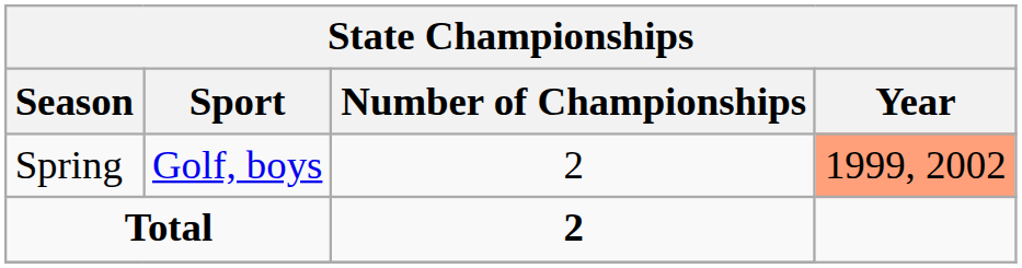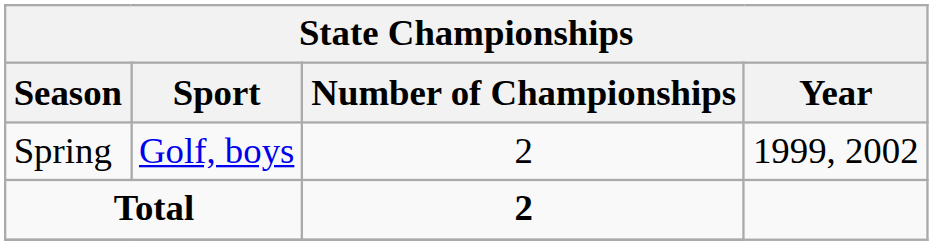 <table class="wikitable">
 <tr>
 <th colspan="4">State Championships</th>
 </tr>
 <tr>
 <th>Season</th>
 <th>Sport</th>
 <th>Number of Championships</th>
 <th>Year</th>
 </tr>
 <tr>
 <td rowspan="1">Spring</td>
 <td><a href='#'>Golf, boys</a></td>
 <td align="center">2</td>
-<td style="background: lightsalmon;">1999, 2002</td>
+<td>1999, 2002</td>
 </tr>
 <tr>
 <td align="center" colspan="2"><strong>Total</strong></td>
 <td align="center"><strong>2</strong></td>
 </tr>
 <tr>
 </tr>
 </table>
